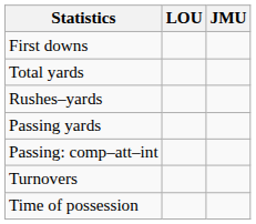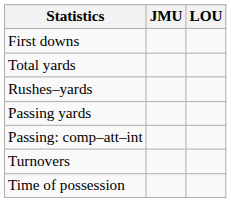 <table class="wikitable" style="float:left">
 <tr>
 <th>Statistics</th>
+<th>JMU</th>
 <th>LOU</th>
-<th>JMU</th>
 </tr>
 <tr>
 <td>First downs</td>
 <td></td>
 <td></td>
 </tr>
 <tr>
 <td>Total yards</td>
 <td></td>
 <td></td>
 </tr>
 <tr>
 <td>Rushes–yards</td>
 <td></td>
 <td></td>
 </tr>
 <tr>
 <td>Passing yards</td>
 <td></td>
 <td></td>
 </tr>
 <tr>
 <td>Passing: comp–att–int</td>
 <td></td>
 <td></td>
 </tr>
 <tr>
 <td>Turnovers</td>
 <td></td>
 <td></td>
 </tr>
 <tr>
 <td>Time of possession</td>
 <td></td>
 <td></td>
 </tr>
 </table>
